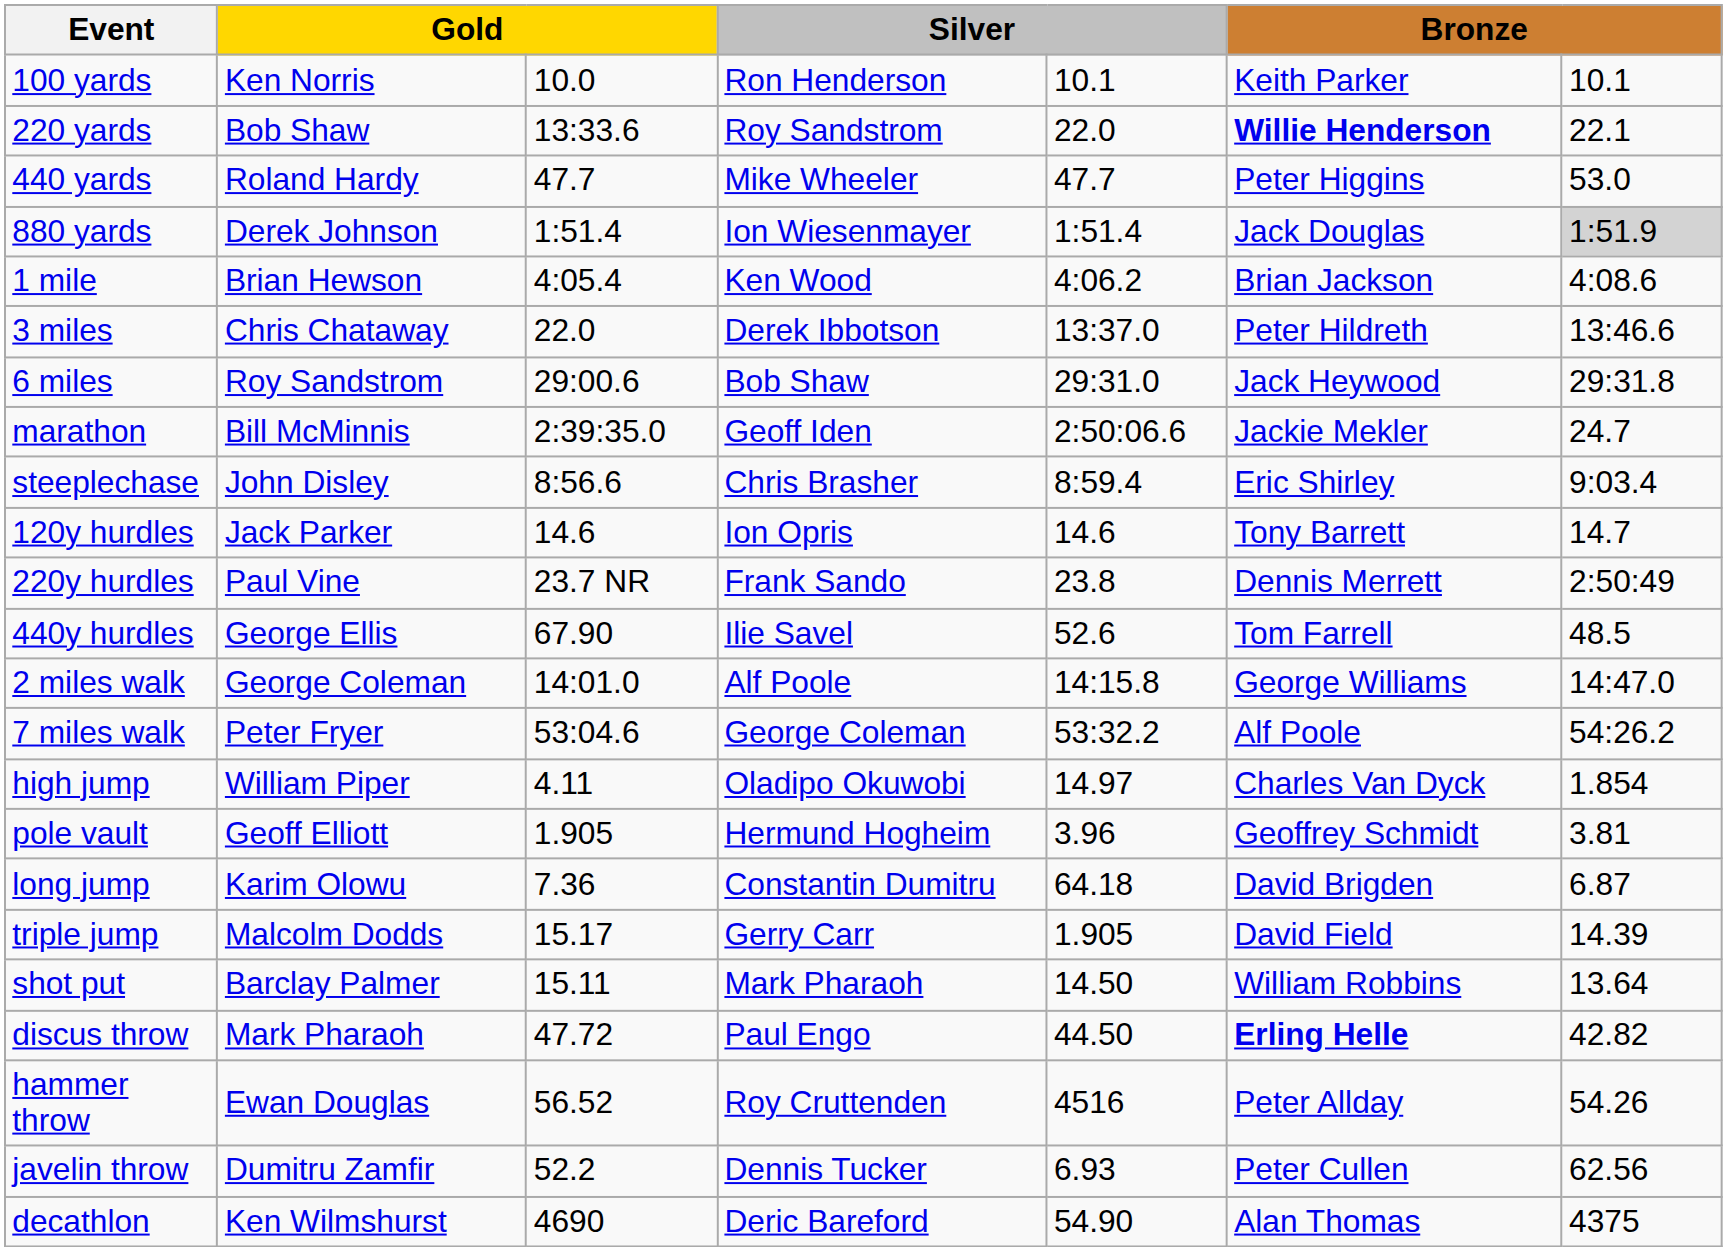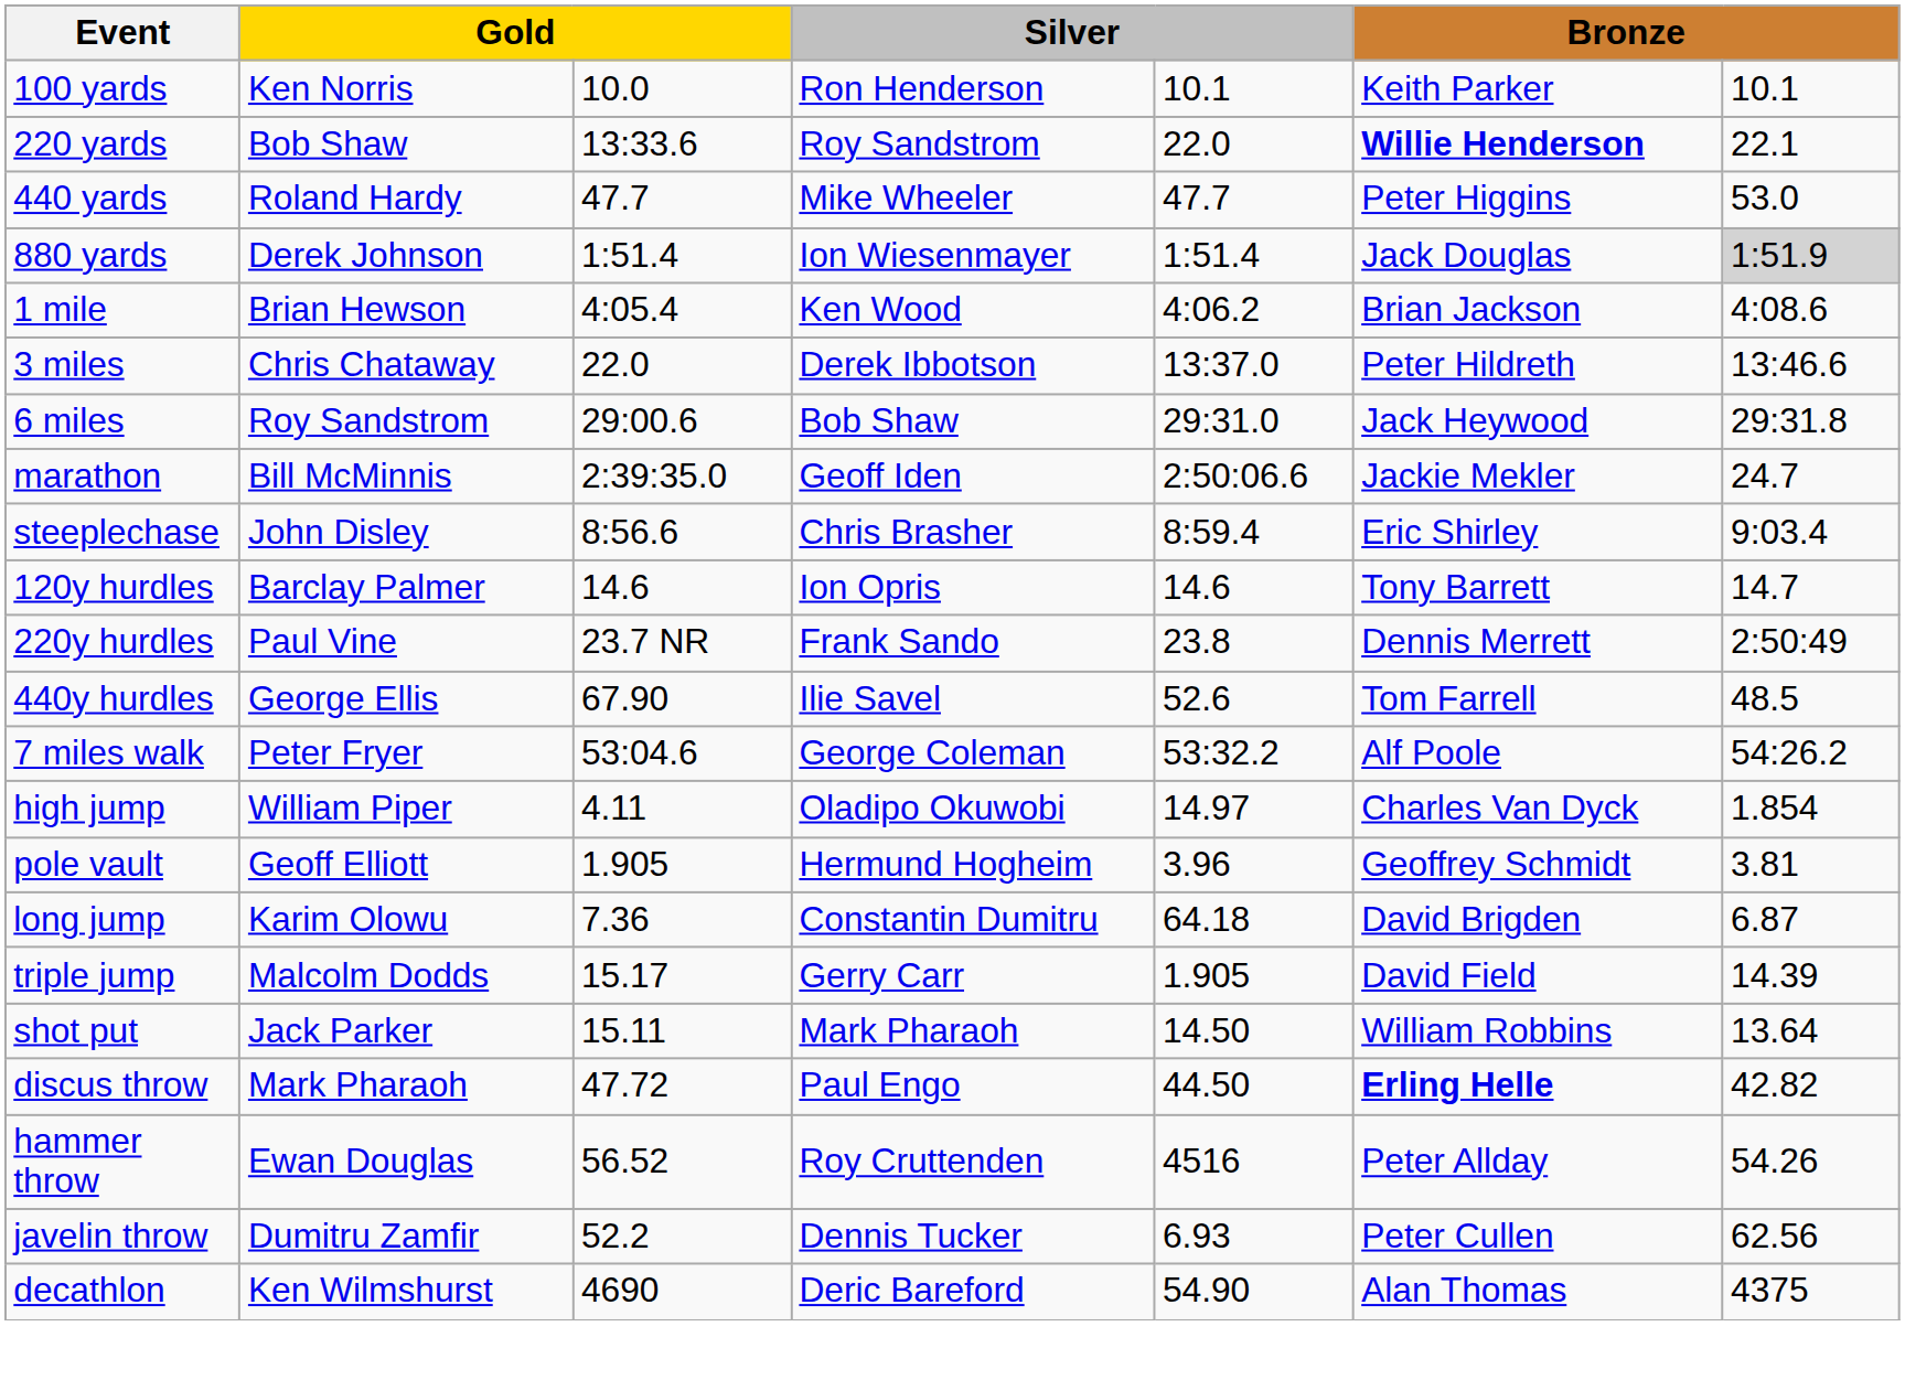 <table class="wikitable" style="text-align:left">
 <tr>
 <th width=100>Event</th>
 <th colspan="2" width="280" style="background:gold;">Gold</th>
 <th colspan="2" width="280" style="background:silver;">Silver</th>
 <th colspan="2" width="280" style="background:#CD7F32;">Bronze</th>
 </tr>
 <tr>
 <td><a href='#'>100 yards</a></td>
 <td><a href='#'>Ken Norris</a></td>
 <td>10.0</td>
 <td><a href='#'>Ron Henderson</a></td>
 <td>10.1</td>
 <td><a href='#'>Keith Parker</a></td>
 <td>10.1</td>
 </tr>
 <tr>
 <td><a href='#'>220 yards</a></td>
 <td> <a href='#'>Bob Shaw</a></td>
 <td>13:33.6</td>
 <td><a href='#'>Roy Sandstrom</a></td>
 <td>22.0</td>
 <td><strong> <a href='#'>Willie Henderson</a></strong></td>
 <td>22.1</td>
 </tr>
 <tr>
 <td><a href='#'>440 yards</a></td>
 <td><a href='#'>Roland Hardy</a></td>
 <td>47.7</td>
 <td><a href='#'>Mike Wheeler</a></td>
 <td>47.7</td>
 <td><a href='#'>Peter Higgins</a></td>
 <td>53.0</td>
 </tr>
 <tr>
 <td><a href='#'>880 yards</a></td>
 <td><a href='#'>Derek Johnson</a></td>
 <td>1:51.4</td>
 <td> <a href='#'>Ion Wiesenmayer</a></td>
 <td>1:51.4</td>
 <td><a href='#'>Jack Douglas</a></td>
 <td style="background: lightgrey;">1:51.9</td>
 </tr>
 <tr>
 <td><a href='#'>1 mile</a></td>
 <td><a href='#'>Brian Hewson</a></td>
 <td>4:05.4</td>
 <td><a href='#'>Ken Wood</a></td>
 <td>4:06.2</td>
 <td><a href='#'>Brian Jackson</a></td>
 <td>4:08.6</td>
 </tr>
 <tr>
 <td><a href='#'>3 miles</a></td>
 <td><a href='#'>Chris Chataway</a></td>
 <td>22.0</td>
 <td><a href='#'>Derek Ibbotson</a></td>
 <td>13:37.0</td>
 <td><a href='#'>Peter Hildreth</a></td>
 <td>13:46.6</td>
 </tr>
 <tr>
 <td><a href='#'>6 miles</a></td>
 <td><a href='#'>Roy Sandstrom</a></td>
 <td>29:00.6</td>
 <td> <a href='#'>Bob Shaw</a></td>
 <td>29:31.0</td>
 <td><a href='#'>Jack Heywood</a></td>
 <td>29:31.8</td>
 </tr>
 <tr>
 <td><a href='#'>marathon</a></td>
 <td><a href='#'>Bill McMinnis</a></td>
 <td>2:39:35.0</td>
 <td><a href='#'>Geoff Iden</a></td>
 <td>2:50:06.6</td>
 <td> <a href='#'>Jackie Mekler</a></td>
 <td>24.7</td>
 </tr>
 <tr>
 <td><a href='#'>steeplechase</a></td>
 <td> <a href='#'>John Disley</a></td>
 <td>8:56.6</td>
 <td><a href='#'>Chris Brasher</a></td>
 <td>8:59.4</td>
 <td><a href='#'>Eric Shirley</a></td>
 <td>9:03.4</td>
 </tr>
 <tr>
 <td><a href='#'>120y hurdles</a></td>
-<td><a href='#'>Jack Parker</a></td>
+<td><a href='#'>Barclay Palmer</a></td>
 <td>14.6</td>
 <td> <a href='#'>Ion Opris</a></td>
 <td>14.6</td>
 <td><a href='#'>Tony Barrett</a></td>
 <td>14.7</td>
 </tr>
 <tr>
 <td><a href='#'>220y hurdles</a></td>
 <td><a href='#'>Paul Vine</a></td>
 <td>23.7 NR</td>
 <td><a href='#'>Frank Sando</a></td>
 <td>23.8</td>
 <td><a href='#'>Dennis Merrett</a></td>
 <td>2:50:49</td>
 </tr>
 <tr>
 <td><a href='#'>440y hurdles</a></td>
 <td><a href='#'>George Ellis</a></td>
 <td>67.90</td>
 <td> <a href='#'>Ilie Savel</a></td>
 <td>52.6</td>
 <td><a href='#'>Tom Farrell</a></td>
 <td>48.5</td>
-</tr>
-<tr>
-<td><a href='#'>2 miles walk</a></td>
-<td><a href='#'>George Coleman</a></td>
-<td>14:01.0</td>
-<td><a href='#'>Alf Poole</a></td>
-<td>14:15.8</td>
-<td><a href='#'>George Williams</a></td>
-<td>14:47.0</td>
 </tr>
 <tr>
 <td><a href='#'>7 miles walk</a></td>
 <td><a href='#'>Peter Fryer</a></td>
 <td>53:04.6</td>
 <td><a href='#'>George Coleman</a></td>
 <td>53:32.2</td>
 <td><a href='#'>Alf Poole</a></td>
 <td>54:26.2</td>
 </tr>
 <tr>
 <td><a href='#'>high jump</a></td>
 <td> <a href='#'>William Piper</a></td>
 <td>4.11</td>
 <td> <a href='#'>Oladipo Okuwobi</a></td>
 <td>14.97</td>
 <td> <a href='#'>Charles Van Dyck</a></td>
 <td>1.854</td>
 </tr>
 <tr>
 <td><a href='#'>pole vault</a></td>
 <td><a href='#'>Geoff Elliott</a></td>
 <td>1.905</td>
 <td> <a href='#'>Hermund Hogheim</a></td>
 <td>3.96</td>
 <td><a href='#'>Geoffrey Schmidt</a></td>
 <td>3.81</td>
 </tr>
 <tr>
 <td><a href='#'>long jump</a></td>
 <td> <a href='#'>Karim Olowu</a></td>
 <td>7.36</td>
 <td> <a href='#'>Constantin Dumitru</a></td>
 <td>64.18</td>
 <td><a href='#'>David Brigden</a></td>
 <td>6.87</td>
 </tr>
 <tr>
 <td><a href='#'>triple jump</a></td>
 <td><a href='#'>Malcolm Dodds</a></td>
 <td>15.17</td>
 <td><a href='#'>Gerry Carr</a></td>
 <td>1.905</td>
 <td><a href='#'>David Field</a></td>
 <td>14.39</td>
 </tr>
 <tr>
 <td><a href='#'>shot put</a></td>
-<td><a href='#'>Barclay Palmer</a></td>
+<td><a href='#'>Jack Parker</a></td>
 <td>15.11</td>
 <td><a href='#'>Mark Pharaoh</a></td>
 <td>14.50</td>
 <td><a href='#'>William Robbins</a></td>
 <td>13.64</td>
 </tr>
 <tr>
 <td><a href='#'>discus throw</a></td>
 <td><a href='#'>Mark Pharaoh</a></td>
 <td>47.72</td>
 <td> <a href='#'>Paul Engo</a></td>
 <td>44.50</td>
 <td><strong> <a href='#'>Erling Helle</a></strong></td>
 <td>42.82</td>
 </tr>
 <tr>
 <td><a href='#'>hammer throw</a></td>
 <td> <a href='#'>Ewan Douglas</a></td>
 <td>56.52</td>
 <td><a href='#'>Roy Cruttenden</a></td>
 <td>4516</td>
 <td><a href='#'>Peter Allday</a></td>
 <td>54.26</td>
 </tr>
 <tr>
 <td><a href='#'>javelin throw</a></td>
 <td> <a href='#'>Dumitru Zamfir</a></td>
 <td>52.2</td>
 <td><a href='#'>Dennis Tucker</a></td>
 <td>6.93</td>
 <td><a href='#'>Peter Cullen</a></td>
 <td>62.56</td>
 </tr>
 <tr>
 <td><a href='#'>decathlon</a></td>
 <td><a href='#'>Ken Wilmshurst</a></td>
 <td>4690</td>
 <td><a href='#'>Deric Bareford</a></td>
 <td>54.90</td>
 <td><a href='#'>Alan Thomas</a></td>
 <td>4375</td>
 </tr>
 </table>
